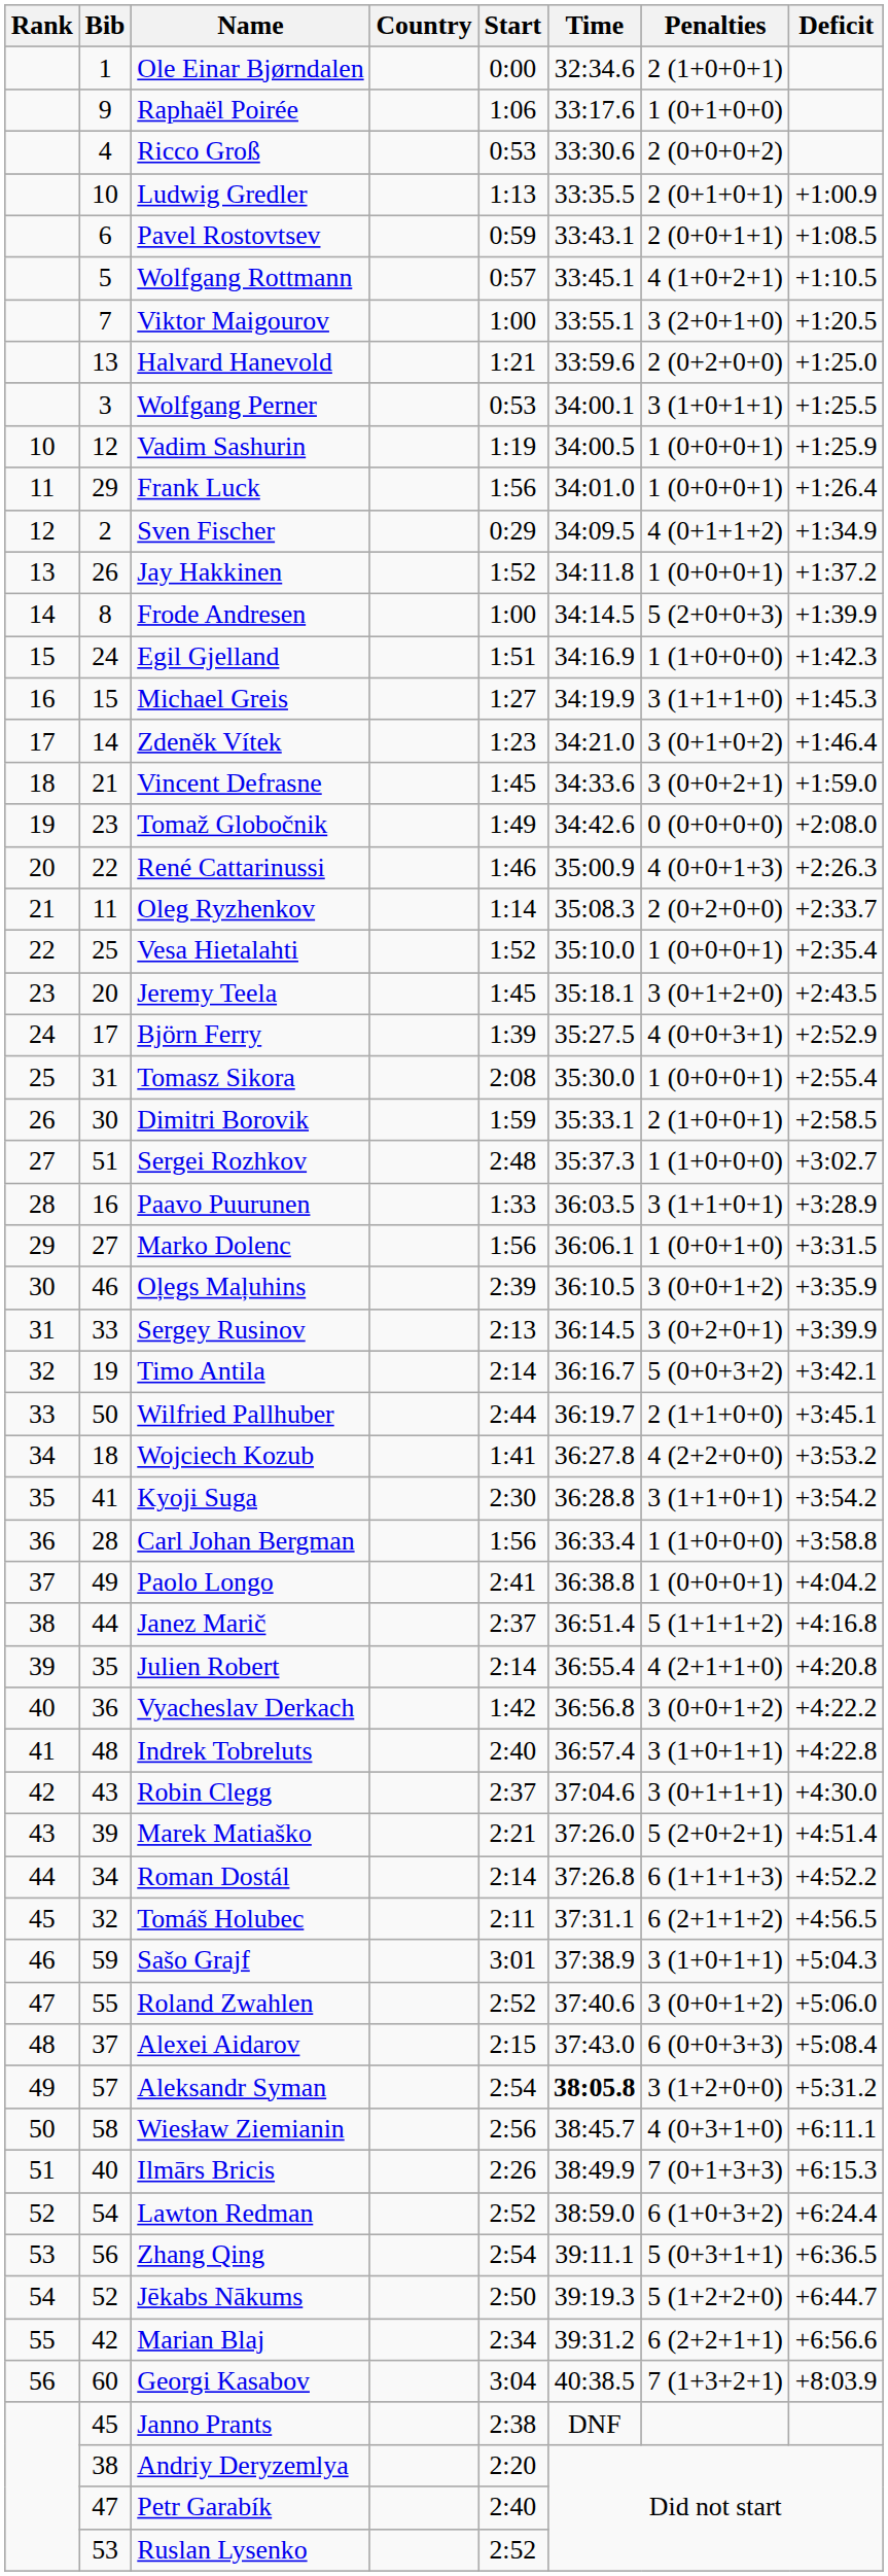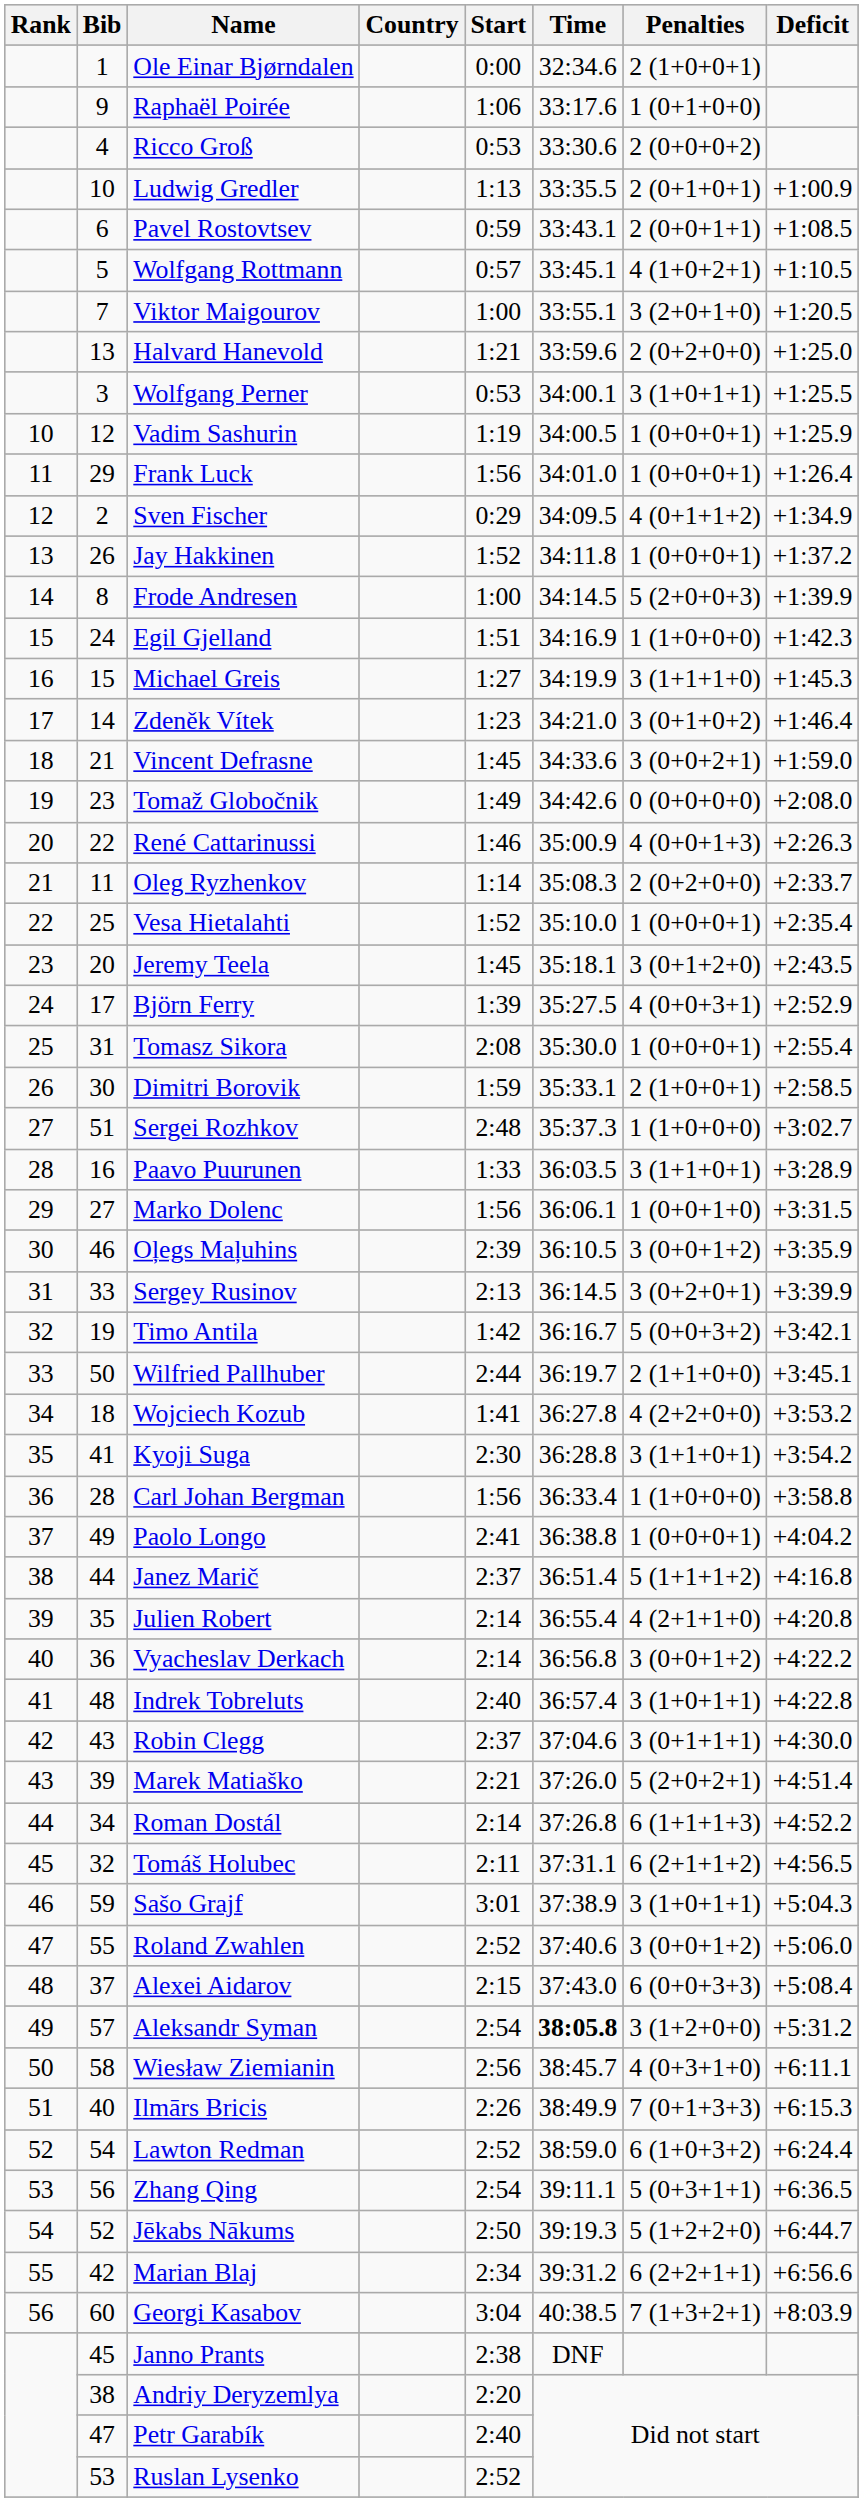 <table class="wikitable sortable" style="text-align:center">
 <tr>
 <th>Rank</th>
 <th>Bib</th>
 <th>Name</th>
 <th>Country</th>
 <th>Start</th>
 <th>Time</th>
 <th>Penalties</th>
 <th>Deficit</th>
 </tr>
 <tr>
 <td></td>
 <td>1</td>
 <td align=left><a href='#'>Ole Einar Bjørndalen</a></td>
 <td align=left></td>
 <td>0:00</td>
 <td>32:34.6</td>
 <td>2 (1+0+0+1)</td>
 <td></td>
 </tr>
 <tr>
 <td></td>
 <td>9</td>
 <td align=left><a href='#'>Raphaël Poirée</a></td>
 <td align=left></td>
 <td>1:06</td>
 <td>33:17.6</td>
 <td>1 (0+1+0+0)</td>
 <td></td>
 </tr>
 <tr>
 <td></td>
 <td>4</td>
 <td align=left><a href='#'>Ricco Groß</a></td>
 <td align=left></td>
 <td>0:53</td>
 <td>33:30.6</td>
 <td>2 (0+0+0+2)</td>
 <td></td>
 </tr>
 <tr>
 <td></td>
 <td>10</td>
 <td align=left><a href='#'>Ludwig Gredler</a></td>
 <td align=left></td>
 <td>1:13</td>
 <td>33:35.5</td>
 <td>2 (0+1+0+1)</td>
 <td>+1:00.9</td>
 </tr>
 <tr>
 <td></td>
 <td>6</td>
 <td align=left><a href='#'>Pavel Rostovtsev</a></td>
 <td align=left></td>
 <td>0:59</td>
 <td>33:43.1</td>
 <td>2 (0+0+1+1)</td>
 <td>+1:08.5</td>
 </tr>
 <tr>
 <td></td>
 <td>5</td>
 <td align=left><a href='#'>Wolfgang Rottmann</a></td>
 <td align=left></td>
 <td>0:57</td>
 <td>33:45.1</td>
 <td>4 (1+0+2+1)</td>
 <td>+1:10.5</td>
 </tr>
 <tr>
 <td></td>
 <td>7</td>
 <td align=left><a href='#'>Viktor Maigourov</a></td>
 <td align=left></td>
 <td>1:00</td>
 <td>33:55.1</td>
 <td>3 (2+0+1+0)</td>
 <td>+1:20.5</td>
 </tr>
 <tr>
 <td></td>
 <td>13</td>
 <td align=left><a href='#'>Halvard Hanevold</a></td>
 <td align=left></td>
 <td>1:21</td>
 <td>33:59.6</td>
 <td>2 (0+2+0+0)</td>
 <td>+1:25.0</td>
 </tr>
 <tr>
 <td></td>
 <td>3</td>
 <td align=left><a href='#'>Wolfgang Perner</a></td>
 <td align=left></td>
 <td>0:53</td>
 <td>34:00.1</td>
 <td>3 (1+0+1+1)</td>
 <td>+1:25.5</td>
 </tr>
 <tr>
 <td>10</td>
 <td>12</td>
 <td align=left><a href='#'>Vadim Sashurin</a></td>
 <td align=left></td>
 <td>1:19</td>
 <td>34:00.5</td>
 <td>1 (0+0+0+1)</td>
 <td>+1:25.9</td>
 </tr>
 <tr>
 <td>11</td>
 <td>29</td>
 <td align=left><a href='#'>Frank Luck</a></td>
 <td align=left></td>
 <td>1:56</td>
 <td>34:01.0</td>
 <td>1 (0+0+0+1)</td>
 <td>+1:26.4</td>
 </tr>
 <tr>
 <td>12</td>
 <td>2</td>
 <td align=left><a href='#'>Sven Fischer</a></td>
 <td align=left></td>
 <td>0:29</td>
 <td>34:09.5</td>
 <td>4 (0+1+1+2)</td>
 <td>+1:34.9</td>
 </tr>
 <tr>
 <td>13</td>
 <td>26</td>
 <td align=left><a href='#'>Jay Hakkinen</a></td>
 <td align=left></td>
 <td>1:52</td>
 <td>34:11.8</td>
 <td>1 (0+0+0+1)</td>
 <td>+1:37.2</td>
 </tr>
 <tr>
 <td>14</td>
 <td>8</td>
 <td align=left><a href='#'>Frode Andresen</a></td>
 <td align=left></td>
 <td>1:00</td>
 <td>34:14.5</td>
 <td>5 (2+0+0+3)</td>
 <td>+1:39.9</td>
 </tr>
 <tr>
 <td>15</td>
 <td>24</td>
 <td align=left><a href='#'>Egil Gjelland</a></td>
 <td align=left></td>
 <td>1:51</td>
 <td>34:16.9</td>
 <td>1 (1+0+0+0)</td>
 <td>+1:42.3</td>
 </tr>
 <tr>
 <td>16</td>
 <td>15</td>
 <td align=left><a href='#'>Michael Greis</a></td>
 <td align=left></td>
 <td>1:27</td>
 <td>34:19.9</td>
 <td>3 (1+1+1+0)</td>
 <td>+1:45.3</td>
 </tr>
 <tr>
 <td>17</td>
 <td>14</td>
 <td align=left><a href='#'>Zdeněk Vítek</a></td>
 <td align=left></td>
 <td>1:23</td>
 <td>34:21.0</td>
 <td>3 (0+1+0+2)</td>
 <td>+1:46.4</td>
 </tr>
 <tr>
 <td>18</td>
 <td>21</td>
 <td align=left><a href='#'>Vincent Defrasne</a></td>
 <td align=left></td>
 <td>1:45</td>
 <td>34:33.6</td>
 <td>3 (0+0+2+1)</td>
 <td>+1:59.0</td>
 </tr>
 <tr>
 <td>19</td>
 <td>23</td>
 <td align=left><a href='#'>Tomaž Globočnik</a></td>
 <td align=left></td>
 <td>1:49</td>
 <td>34:42.6</td>
 <td>0 (0+0+0+0)</td>
 <td>+2:08.0</td>
 </tr>
 <tr>
 <td>20</td>
 <td>22</td>
 <td align=left><a href='#'>René Cattarinussi</a></td>
 <td align=left></td>
 <td>1:46</td>
 <td>35:00.9</td>
 <td>4 (0+0+1+3)</td>
 <td>+2:26.3</td>
 </tr>
 <tr>
 <td>21</td>
 <td>11</td>
 <td align=left><a href='#'>Oleg Ryzhenkov</a></td>
 <td align=left></td>
 <td>1:14</td>
 <td>35:08.3</td>
 <td>2 (0+2+0+0)</td>
 <td>+2:33.7</td>
 </tr>
 <tr>
 <td>22</td>
 <td>25</td>
 <td align=left><a href='#'>Vesa Hietalahti</a></td>
 <td align=left></td>
 <td>1:52</td>
 <td>35:10.0</td>
 <td>1 (0+0+0+1)</td>
 <td>+2:35.4</td>
 </tr>
 <tr>
 <td>23</td>
 <td>20</td>
 <td align=left><a href='#'>Jeremy Teela</a></td>
 <td align=left></td>
 <td>1:45</td>
 <td>35:18.1</td>
 <td>3 (0+1+2+0)</td>
 <td>+2:43.5</td>
 </tr>
 <tr>
 <td>24</td>
 <td>17</td>
 <td align=left><a href='#'>Björn Ferry</a></td>
 <td align=left></td>
 <td>1:39</td>
 <td>35:27.5</td>
 <td>4 (0+0+3+1)</td>
 <td>+2:52.9</td>
 </tr>
 <tr>
 <td>25</td>
 <td>31</td>
 <td align=left><a href='#'>Tomasz Sikora</a></td>
 <td align=left></td>
 <td>2:08</td>
 <td>35:30.0</td>
 <td>1 (0+0+0+1)</td>
 <td>+2:55.4</td>
 </tr>
 <tr>
 <td>26</td>
 <td>30</td>
 <td align=left><a href='#'>Dimitri Borovik</a></td>
 <td align=left></td>
 <td>1:59</td>
 <td>35:33.1</td>
 <td>2 (1+0+0+1)</td>
 <td>+2:58.5</td>
 </tr>
 <tr>
 <td>27</td>
 <td>51</td>
 <td align=left><a href='#'>Sergei Rozhkov</a></td>
 <td align=left></td>
 <td>2:48</td>
 <td>35:37.3</td>
 <td>1 (1+0+0+0)</td>
 <td>+3:02.7</td>
 </tr>
 <tr>
 <td>28</td>
 <td>16</td>
 <td align=left><a href='#'>Paavo Puurunen</a></td>
 <td align=left></td>
 <td>1:33</td>
 <td>36:03.5</td>
 <td>3 (1+1+0+1)</td>
 <td>+3:28.9</td>
 </tr>
 <tr>
 <td>29</td>
 <td>27</td>
 <td align=left><a href='#'>Marko Dolenc</a></td>
 <td align=left></td>
 <td>1:56</td>
 <td>36:06.1</td>
 <td>1 (0+0+1+0)</td>
 <td>+3:31.5</td>
 </tr>
 <tr>
 <td>30</td>
 <td>46</td>
 <td align=left><a href='#'>Oļegs Maļuhins</a></td>
 <td align=left></td>
 <td>2:39</td>
 <td>36:10.5</td>
 <td>3 (0+0+1+2)</td>
 <td>+3:35.9</td>
 </tr>
 <tr>
 <td>31</td>
 <td>33</td>
 <td align=left><a href='#'>Sergey Rusinov</a></td>
 <td align=left></td>
 <td>2:13</td>
 <td>36:14.5</td>
 <td>3 (0+2+0+1)</td>
 <td>+3:39.9</td>
 </tr>
 <tr>
 <td>32</td>
 <td>19</td>
 <td align=left><a href='#'>Timo Antila</a></td>
 <td align=left></td>
-<td>2:14</td>
+<td>1:42</td>
 <td>36:16.7</td>
 <td>5 (0+0+3+2)</td>
 <td>+3:42.1</td>
 </tr>
 <tr>
 <td>33</td>
 <td>50</td>
 <td align=left><a href='#'>Wilfried Pallhuber</a></td>
 <td align=left></td>
 <td>2:44</td>
 <td>36:19.7</td>
 <td>2 (1+1+0+0)</td>
 <td>+3:45.1</td>
 </tr>
 <tr>
 <td>34</td>
 <td>18</td>
 <td align=left><a href='#'>Wojciech Kozub</a></td>
 <td align=left></td>
 <td>1:41</td>
 <td>36:27.8</td>
 <td>4 (2+2+0+0)</td>
 <td>+3:53.2</td>
 </tr>
 <tr>
 <td>35</td>
 <td>41</td>
 <td align=left><a href='#'>Kyoji Suga</a></td>
 <td align=left></td>
 <td>2:30</td>
 <td>36:28.8</td>
 <td>3 (1+1+0+1)</td>
 <td>+3:54.2</td>
 </tr>
 <tr>
 <td>36</td>
 <td>28</td>
 <td align=left><a href='#'>Carl Johan Bergman</a></td>
 <td align=left></td>
 <td>1:56</td>
 <td>36:33.4</td>
 <td>1 (1+0+0+0)</td>
 <td>+3:58.8</td>
 </tr>
 <tr>
 <td>37</td>
 <td>49</td>
 <td align=left><a href='#'>Paolo Longo</a></td>
 <td align=left></td>
 <td>2:41</td>
 <td>36:38.8</td>
 <td>1 (0+0+0+1)</td>
 <td>+4:04.2</td>
 </tr>
 <tr>
 <td>38</td>
 <td>44</td>
 <td align=left><a href='#'>Janez Marič</a></td>
 <td align=left></td>
 <td>2:37</td>
 <td>36:51.4</td>
 <td>5 (1+1+1+2)</td>
 <td>+4:16.8</td>
 </tr>
 <tr>
 <td>39</td>
 <td>35</td>
 <td align=left><a href='#'>Julien Robert</a></td>
 <td align=left></td>
 <td>2:14</td>
 <td>36:55.4</td>
 <td>4 (2+1+1+0)</td>
 <td>+4:20.8</td>
 </tr>
 <tr>
 <td>40</td>
 <td>36</td>
 <td align=left><a href='#'>Vyacheslav Derkach</a></td>
 <td align=left></td>
-<td>1:42</td>
+<td>2:14</td>
 <td>36:56.8</td>
 <td>3 (0+0+1+2)</td>
 <td>+4:22.2</td>
 </tr>
 <tr>
 <td>41</td>
 <td>48</td>
 <td align=left><a href='#'>Indrek Tobreluts</a></td>
 <td align=left></td>
 <td>2:40</td>
 <td>36:57.4</td>
 <td>3 (1+0+1+1)</td>
 <td>+4:22.8</td>
 </tr>
 <tr>
 <td>42</td>
 <td>43</td>
 <td align=left><a href='#'>Robin Clegg</a></td>
 <td align=left></td>
 <td>2:37</td>
 <td>37:04.6</td>
 <td>3 (0+1+1+1)</td>
 <td>+4:30.0</td>
 </tr>
 <tr>
 <td>43</td>
 <td>39</td>
 <td align=left><a href='#'>Marek Matiaško</a></td>
 <td align=left></td>
 <td>2:21</td>
 <td>37:26.0</td>
 <td>5 (2+0+2+1)</td>
 <td>+4:51.4</td>
 </tr>
 <tr>
 <td>44</td>
 <td>34</td>
 <td align=left><a href='#'>Roman Dostál</a></td>
 <td align=left></td>
 <td>2:14</td>
 <td>37:26.8</td>
 <td>6 (1+1+1+3)</td>
 <td>+4:52.2</td>
 </tr>
 <tr>
 <td>45</td>
 <td>32</td>
 <td align=left><a href='#'>Tomáš Holubec</a></td>
 <td align=left></td>
 <td>2:11</td>
 <td>37:31.1</td>
 <td>6 (2+1+1+2)</td>
 <td>+4:56.5</td>
 </tr>
 <tr>
 <td>46</td>
 <td>59</td>
 <td align=left><a href='#'>Sašo Grajf</a></td>
 <td align=left></td>
 <td>3:01</td>
 <td>37:38.9</td>
 <td>3 (1+0+1+1)</td>
 <td>+5:04.3</td>
 </tr>
 <tr>
 <td>47</td>
 <td>55</td>
 <td align=left><a href='#'>Roland Zwahlen</a></td>
 <td align=left></td>
 <td>2:52</td>
 <td>37:40.6</td>
 <td>3 (0+0+1+2)</td>
 <td>+5:06.0</td>
 </tr>
 <tr>
 <td>48</td>
 <td>37</td>
 <td align=left><a href='#'>Alexei Aidarov</a></td>
 <td align=left></td>
 <td>2:15</td>
 <td>37:43.0</td>
 <td>6 (0+0+3+3)</td>
 <td>+5:08.4</td>
 </tr>
 <tr>
 <td>49</td>
 <td>57</td>
 <td align=left><a href='#'>Aleksandr Syman</a></td>
 <td align=left></td>
 <td>2:54</td>
 <td><strong>38:05.8</strong></td>
 <td>3 (1+2+0+0)</td>
 <td>+5:31.2</td>
 </tr>
 <tr>
 <td>50</td>
 <td>58</td>
 <td align=left><a href='#'>Wiesław Ziemianin</a></td>
 <td align=left></td>
 <td>2:56</td>
 <td>38:45.7</td>
 <td>4 (0+3+1+0)</td>
 <td>+6:11.1</td>
 </tr>
 <tr>
 <td>51</td>
 <td>40</td>
 <td align=left><a href='#'>Ilmārs Bricis</a></td>
 <td align=left></td>
 <td>2:26</td>
 <td>38:49.9</td>
 <td>7 (0+1+3+3)</td>
 <td>+6:15.3</td>
 </tr>
 <tr>
 <td>52</td>
 <td>54</td>
 <td align=left><a href='#'>Lawton Redman</a></td>
 <td align=left></td>
 <td>2:52</td>
 <td>38:59.0</td>
 <td>6 (1+0+3+2)</td>
 <td>+6:24.4</td>
 </tr>
 <tr>
 <td>53</td>
 <td>56</td>
 <td align=left><a href='#'>Zhang Qing</a></td>
 <td align=left></td>
 <td>2:54</td>
 <td>39:11.1</td>
 <td>5 (0+3+1+1)</td>
 <td>+6:36.5</td>
 </tr>
 <tr>
 <td>54</td>
 <td>52</td>
 <td align=left><a href='#'>Jēkabs Nākums</a></td>
 <td align=left></td>
 <td>2:50</td>
 <td>39:19.3</td>
 <td>5 (1+2+2+0)</td>
 <td>+6:44.7</td>
 </tr>
 <tr>
 <td>55</td>
 <td>42</td>
 <td align=left><a href='#'>Marian Blaj</a></td>
 <td align=left></td>
 <td>2:34</td>
 <td>39:31.2</td>
 <td>6 (2+2+1+1)</td>
 <td>+6:56.6</td>
 </tr>
 <tr>
 <td>56</td>
 <td>60</td>
 <td align=left><a href='#'>Georgi Kasabov</a></td>
 <td align=left></td>
 <td>3:04</td>
 <td>40:38.5</td>
 <td>7  (1+3+2+1)</td>
 <td>+8:03.9</td>
 </tr>
 <tr>
 <td rowspan=4></td>
 <td>45</td>
 <td align=left><a href='#'>Janno Prants</a></td>
 <td align=left></td>
 <td>2:38</td>
 <td>DNF</td>
 <td></td>
 <td></td>
 </tr>
 <tr>
 <td>38</td>
 <td align=left><a href='#'>Andriy Deryzemlya</a></td>
 <td align=left></td>
 <td>2:20</td>
 <td colspan="3" rowspan="3">Did not start</td>
 </tr>
 <tr>
 <td>47</td>
 <td align=left><a href='#'>Petr Garabík</a></td>
 <td align=left></td>
 <td>2:40</td>
 </tr>
 <tr>
 <td>53</td>
 <td align=left><a href='#'>Ruslan Lysenko</a></td>
 <td align=left></td>
 <td>2:52</td>
 </tr>
 </table>
